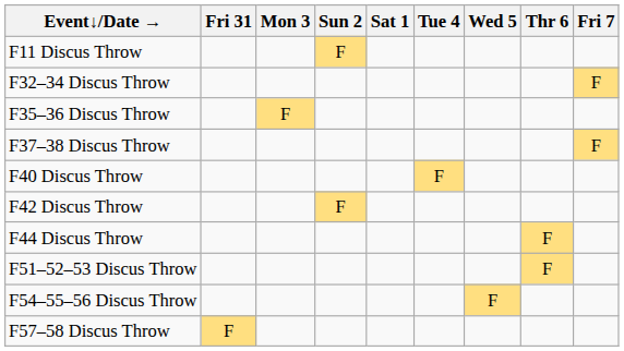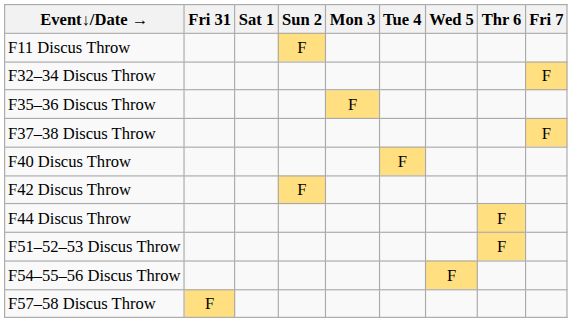 <table class="wikitable" style="margin:0.5em auto; font-size:90%; line-height:1.25em;">
 <tr align="center">
 <th>Event↓/Date →</th>
 <th>Fri 31</th>
+<th>Sat 1</th>
+<th>Sun 2</th>
 <th>Mon 3</th>
-<th>Sun 2</th>
-<th>Sat 1</th>
 <th>Tue 4</th>
 <th>Wed 5</th>
 <th>Thr 6</th>
 <th>Fri 7</th>
 </tr>
 <tr align="center">
 <td align="left">F11 Discus Throw</td>
 <td></td>
 <td></td>
 <td bgcolor="#FFDF80">F</td>
 <td></td>
 <td></td>
 <td></td>
 <td></td>
 <td></td>
 </tr>
 <tr align="center">
 <td align="left">F32–34 Discus Throw</td>
 <td></td>
 <td></td>
 <td></td>
 <td></td>
 <td></td>
 <td></td>
 <td></td>
 <td bgcolor="#FFDF80">F</td>
 </tr>
 <tr align="center">
 <td align="left">F35–36 Discus Throw</td>
 <td></td>
-<td bgcolor="#FFDF80">F</td>
 <td></td>
 <td></td>
+<td bgcolor="#FFDF80">F</td>
 <td></td>
 <td></td>
 <td></td>
 <td></td>
 </tr>
 <tr align="center">
 <td align="left">F37–38 Discus Throw</td>
 <td></td>
 <td></td>
 <td></td>
 <td></td>
 <td></td>
 <td></td>
 <td></td>
 <td bgcolor="#FFDF80">F</td>
 </tr>
 <tr align="center">
 <td align="left">F40 Discus Throw</td>
 <td></td>
 <td></td>
 <td></td>
 <td></td>
 <td bgcolor="#FFDF80">F</td>
 <td></td>
 <td></td>
 <td></td>
 </tr>
 <tr align="center">
 <td align="left">F42 Discus Throw</td>
 <td></td>
 <td></td>
 <td bgcolor="#FFDF80">F</td>
 <td></td>
 <td></td>
 <td></td>
 <td></td>
 <td></td>
 </tr>
 <tr align="center">
 <td align="left">F44 Discus Throw</td>
 <td></td>
 <td></td>
 <td></td>
 <td></td>
 <td></td>
 <td></td>
 <td bgcolor="#FFDF80">F</td>
 <td></td>
 </tr>
 <tr align="center">
 <td align="left">F51–52–53 Discus Throw</td>
 <td></td>
 <td></td>
 <td></td>
 <td></td>
 <td></td>
 <td></td>
 <td bgcolor="#FFDF80">F</td>
 <td></td>
 </tr>
 <tr align="center">
 <td align="left">F54–55–56 Discus Throw</td>
 <td></td>
 <td></td>
 <td></td>
 <td></td>
 <td></td>
 <td bgcolor="#FFDF80">F</td>
 <td></td>
 <td></td>
 </tr>
 <tr align="center">
 <td align="left">F57–58 Discus Throw</td>
 <td bgcolor="#FFDF80">F</td>
 <td></td>
 <td></td>
 <td></td>
 <td></td>
 <td></td>
 <td></td>
 <td></td>
 </tr>
 </table>
